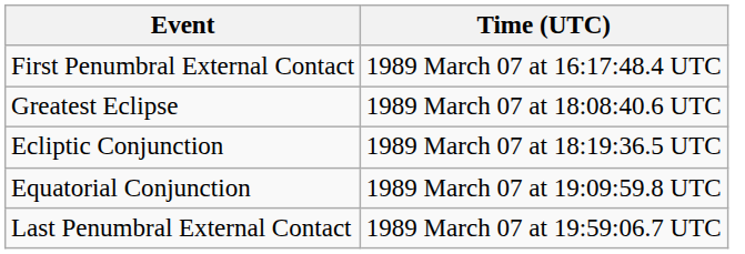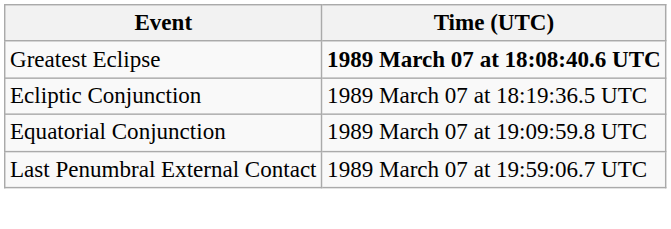 <table class="wikitable">
 <tr>
 <th>Event</th>
 <th>Time (UTC)</th>
 </tr>
 <tr>
-<td>First Penumbral External Contact</td>
-<td>1989 March 07 at 16:17:48.4 UTC</td>
-</tr>
-<tr>
 <td>Greatest Eclipse</td>
-<td>1989 March 07 at 18:08:40.6 UTC</td>
+<td><strong>1989 March 07 at 18:08:40.6 UTC</strong></td>
 </tr>
 <tr>
 <td>Ecliptic Conjunction</td>
 <td>1989 March 07 at 18:19:36.5 UTC</td>
 </tr>
 <tr>
 <td>Equatorial Conjunction</td>
 <td>1989 March 07 at 19:09:59.8 UTC</td>
 </tr>
 <tr>
 <td>Last Penumbral External Contact</td>
 <td>1989 March 07 at 19:59:06.7 UTC</td>
 </tr>
 </table>
